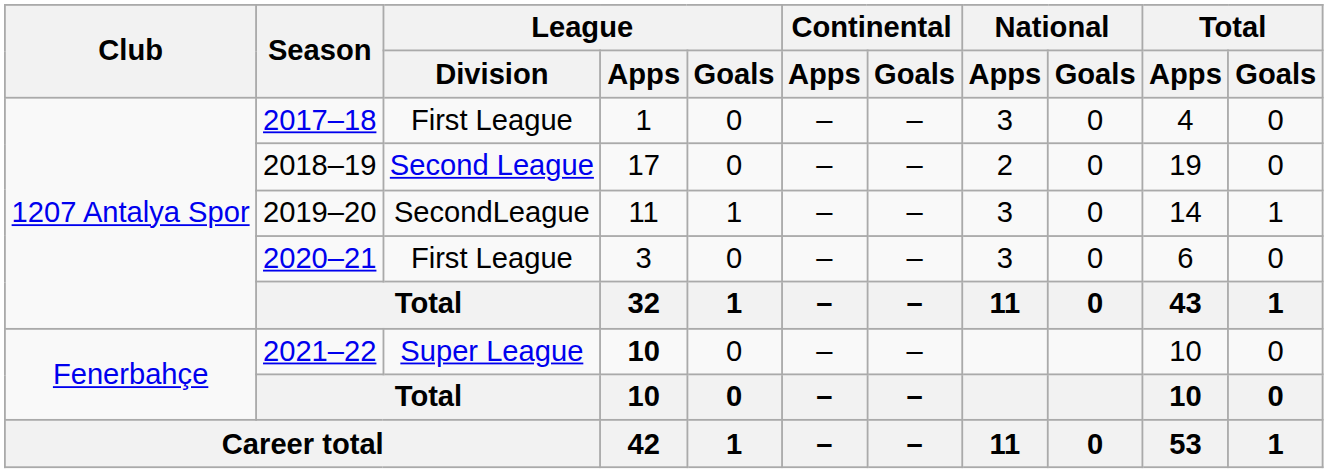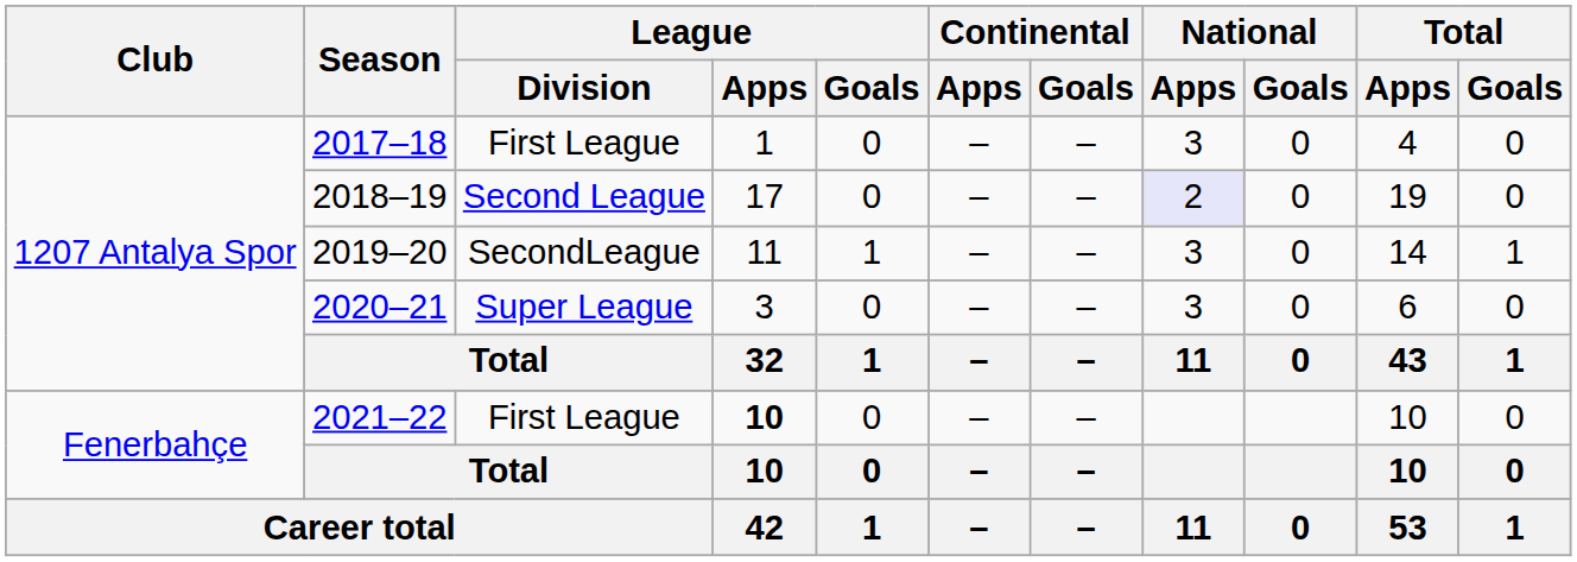 <table class="wikitable" style="text-align: center;">
 <tr>
 <th rowspan=2>Club</th>
 <th rowspan=2>Season</th>
 <th colspan=3>League</th>
 <th colspan=2>Continental</th>
 <th colspan=2>National</th>
 <th colspan=2>Total</th>
 </tr>
 <tr>
 <th>Division</th>
 <th>Apps</th>
 <th>Goals</th>
 <th>Apps</th>
 <th>Goals</th>
 <th>Apps</th>
 <th>Goals</th>
 <th>Apps</th>
 <th>Goals</th>
 </tr>
 <tr>
 <td rowspan=5><a href='#'>1207 Antalya Spor</a></td>
 <td><a href='#'>2017–18</a></td>
 <td>First League</td>
 <td>1</td>
 <td>0</td>
 <td>–</td>
 <td>–</td>
 <td>3</td>
 <td>0</td>
 <td>4</td>
 <td>0</td>
 </tr>
 <tr>
 <td>2018–19</td>
 <td><a href='#'>Second League</a></td>
 <td>17</td>
 <td>0</td>
 <td>–</td>
 <td>–</td>
-<td>2</td>
+<td style="background: lavender;">2</td>
 <td>0</td>
 <td>19</td>
 <td>0</td>
 </tr>
 <tr>
 <td>2019–20</td>
 <td>SecondLeague</td>
 <td>11</td>
 <td>1</td>
 <td>–</td>
 <td>–</td>
 <td>3</td>
 <td>0</td>
 <td>14</td>
 <td>1</td>
 </tr>
 <tr>
 <td><a href='#'>2020–21</a></td>
-<td>First League</td>
+<td><a href='#'>Super League</a></td>
 <td>3</td>
 <td>0</td>
 <td>–</td>
 <td>–</td>
 <td>3</td>
 <td>0</td>
 <td>6</td>
 <td>0</td>
 </tr>
 <tr>
 <th colspan="2">Total</th>
 <th>32</th>
 <th>1</th>
 <th>–</th>
 <th>–</th>
 <th>11</th>
 <th>0</th>
 <th>43</th>
 <th>1</th>
 </tr>
 <tr>
 <td rowspan=2><a href='#'>Fenerbahçe</a></td>
 <td><a href='#'>2021–22</a></td>
-<td><a href='#'>Super League</a></td>
+<td>First League</td>
 <td><strong>10</strong></td>
 <td>0</td>
 <td>–</td>
 <td>–</td>
 <td></td>
 <td></td>
 <td>10</td>
 <td>0</td>
 </tr>
 <tr>
 <th colspan="2">Total</th>
 <th>10</th>
 <th>0</th>
 <th>–</th>
 <th>–</th>
 <th></th>
 <th></th>
 <th>10</th>
 <th>0</th>
 </tr>
 <tr>
 <th colspan=3>Career total</th>
 <th>42</th>
 <th>1</th>
 <th>–</th>
 <th>–</th>
 <th>11</th>
 <th>0</th>
 <th>53</th>
 <th>1</th>
 </tr>
 </table>
